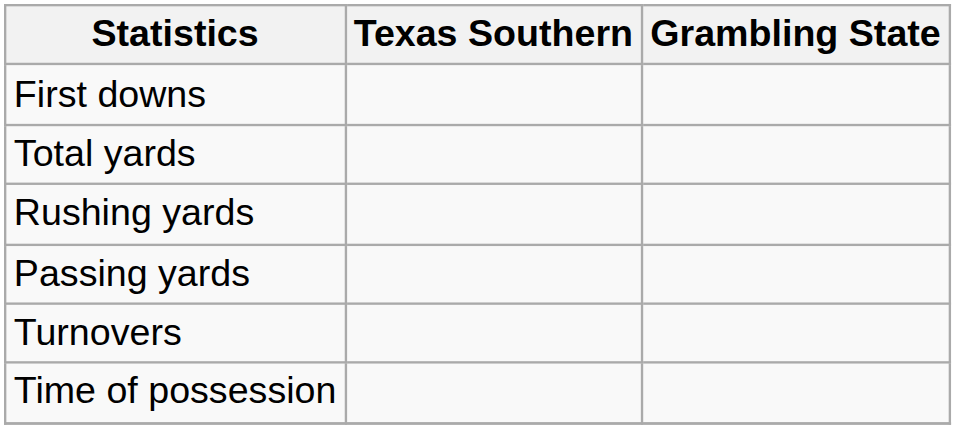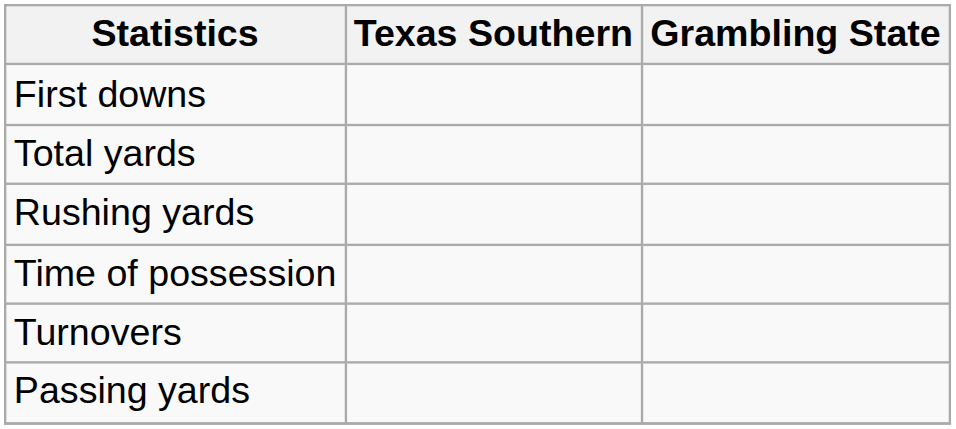 <table class="wikitable">
 <tr>
 <th>Statistics</th>
 <th>Texas Southern</th>
 <th>Grambling State</th>
 </tr>
 <tr>
 <td>First downs</td>
 <td> </td>
 <td> </td>
 </tr>
 <tr>
 <td>Total yards</td>
 <td> </td>
 <td> </td>
 </tr>
 <tr>
 <td>Rushing yards</td>
 <td> </td>
 <td> </td>
 </tr>
 <tr>
-<td>Passing yards</td>
+<td>Time of possession</td>
 <td> </td>
 <td> </td>
 </tr>
 <tr>
 <td>Turnovers</td>
 <td> </td>
 <td> </td>
 </tr>
 <tr>
-<td>Time of possession</td>
+<td>Passing yards</td>
 <td> </td>
 <td> </td>
 </tr>
 <tr>
 </tr>
 </table>
